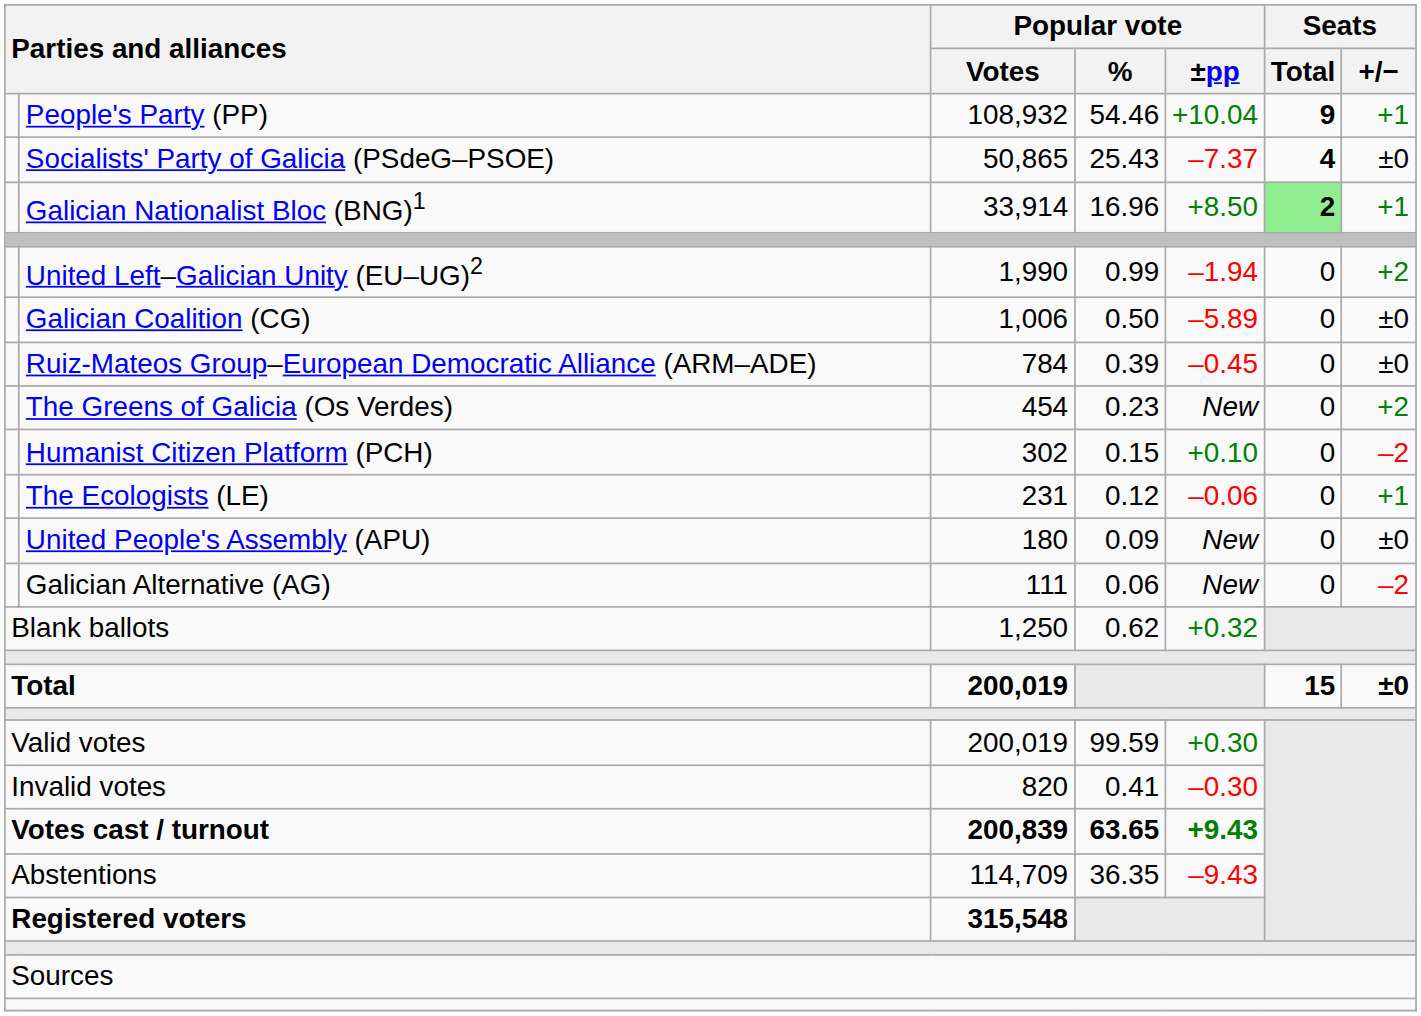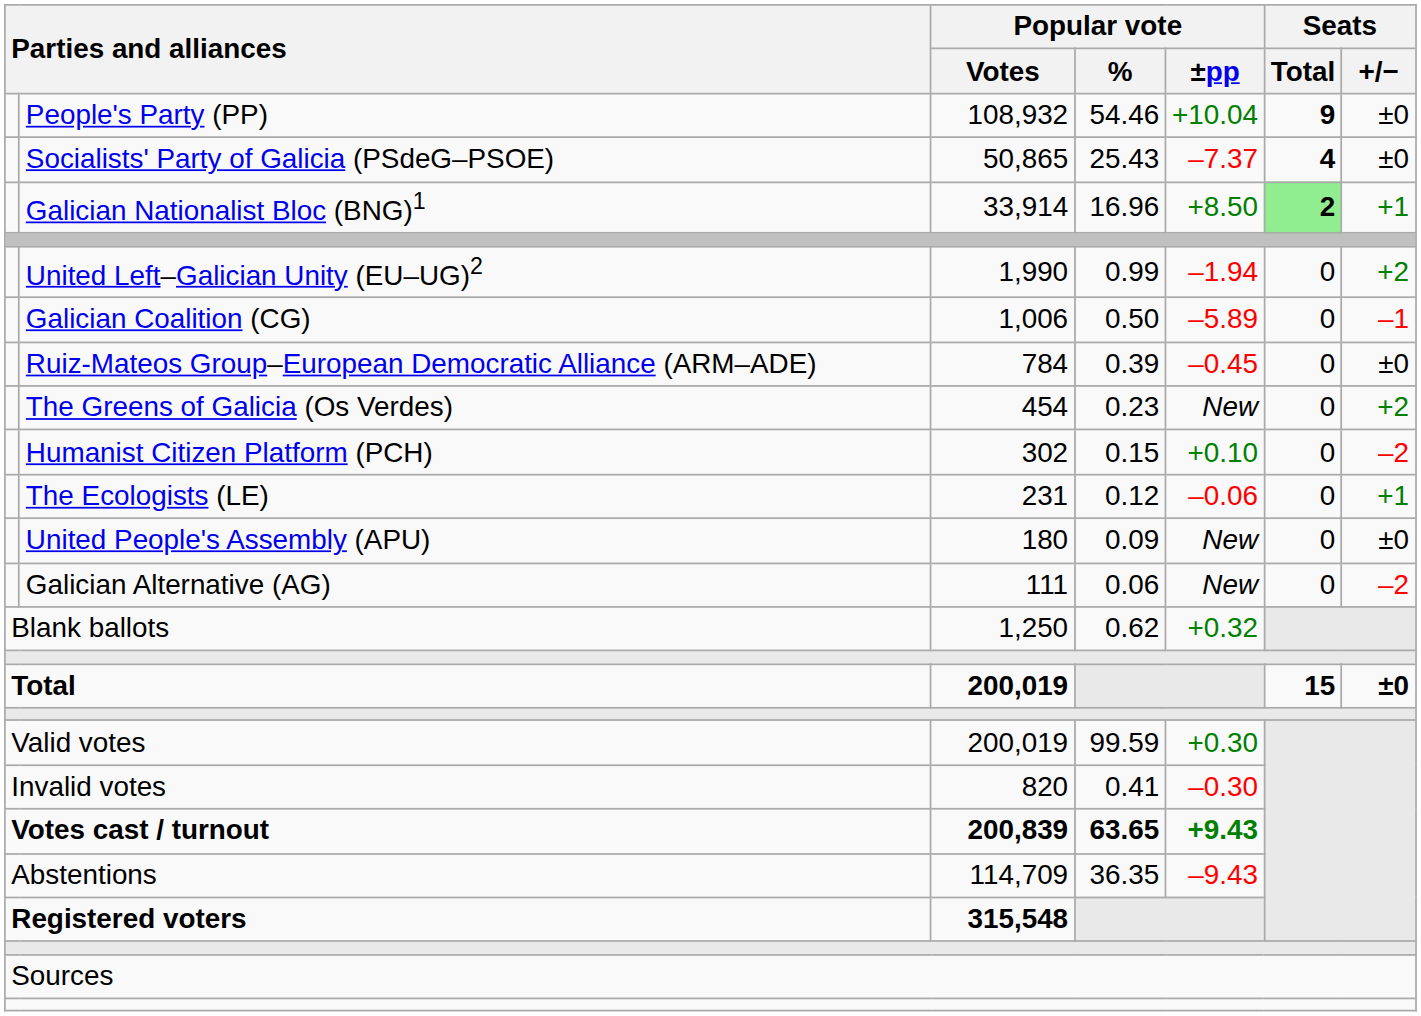 <table class="wikitable" style="text-align:right;">
 <tr>
 <th style="text-align:left;" rowspan="2" colspan="2" width="525">Parties and alliances</th>
 <th colspan="3">Popular vote</th>
 <th colspan="2">Seats</th>
 </tr>
 <tr>
 <th width="75">Votes</th>
 <th width="45">%</th>
 <th width="45">±<a href='#'>pp</a></th>
 <th width="35">Total</th>
 <th width="35">+/−</th>
 </tr>
 <tr>
 <td width="1" style="color:inherit;background:"></td>
 <td align="left"><a href='#'>People's Party</a> (PP)</td>
 <td>108,932</td>
 <td>54.46</td>
 <td style="color:green;">+10.04</td>
 <td><strong>9</strong></td>
-<td style="color:green;">+1</td>
+<td>±0</td>
 </tr>
 <tr>
 <td style="color:inherit;background:"></td>
 <td align="left"><a href='#'>Socialists' Party of Galicia</a> (PSdeG–PSOE)</td>
 <td>50,865</td>
 <td>25.43</td>
 <td style="color:red;">–7.37</td>
 <td><strong>4</strong></td>
 <td>±0</td>
 </tr>
 <tr>
 <td style="color:inherit;background:"></td>
 <td align="left"><a href='#'>Galician Nationalist Bloc</a> (BNG)<sup>1</sup></td>
 <td>33,914</td>
 <td>16.96</td>
 <td style="color:green;">+8.50</td>
 <td style="background: lightgreen;"><strong>2</strong></td>
 <td style="color:green;">+1</td>
 </tr>
 <tr>
 <td colspan="7" bgcolor="#C0C0C0"></td>
 </tr>
 <tr>
 <td style="color:inherit;background:"></td>
 <td align="left"><a href='#'>United Left</a>–<a href='#'>Galician Unity</a> (EU–UG)<sup>2</sup></td>
 <td>1,990</td>
 <td>0.99</td>
 <td style="color:red;">–1.94</td>
 <td>0</td>
 <td style="color:green;">+2</td>
 </tr>
 <tr>
 <td style="color:inherit;background:"></td>
 <td align="left"><a href='#'>Galician Coalition</a> (CG)</td>
 <td>1,006</td>
 <td>0.50</td>
 <td style="color:red;">–5.89</td>
 <td>0</td>
-<td>±0</td>
+<td style="color:red;">–1</td>
 </tr>
 <tr>
 <td style="color:inherit;background:"></td>
 <td align="left"><a href='#'>Ruiz-Mateos Group</a>–<a href='#'>European Democratic Alliance</a> (ARM–ADE)</td>
 <td>784</td>
 <td>0.39</td>
 <td style="color:red;">–0.45</td>
 <td>0</td>
 <td>±0</td>
 </tr>
 <tr>
 <td style="color:inherit;background:"></td>
 <td align="left"><a href='#'>The Greens of Galicia</a> (Os Verdes)</td>
 <td>454</td>
 <td>0.23</td>
 <td><em>New</em></td>
 <td>0</td>
 <td style="color:green;">+2</td>
 </tr>
 <tr>
 <td style="color:inherit;background:"></td>
 <td align="left"><a href='#'>Humanist Citizen Platform</a> (PCH)</td>
 <td>302</td>
 <td>0.15</td>
 <td style="color:green;">+0.10</td>
 <td>0</td>
 <td style="color:red;">–2</td>
 </tr>
 <tr>
 <td style="color:inherit;background:"></td>
 <td align="left"><a href='#'>The Ecologists</a> (LE)</td>
 <td>231</td>
 <td>0.12</td>
 <td style="color:red;">–0.06</td>
 <td>0</td>
 <td style="color:green;">+1</td>
 </tr>
 <tr>
 <td style="color:inherit;background:"></td>
 <td align="left"><a href='#'>United People's Assembly</a> (APU)</td>
 <td>180</td>
 <td>0.09</td>
 <td><em>New</em></td>
 <td>0</td>
 <td>±0</td>
 </tr>
 <tr>
 <td style="color:inherit;background:"></td>
 <td align="left">Galician Alternative (AG)</td>
 <td>111</td>
 <td>0.06</td>
 <td><em>New</em></td>
 <td>0</td>
 <td style="color:red;">–2</td>
 </tr>
 <tr>
 <td align="left" colspan="2">Blank ballots</td>
 <td>1,250</td>
 <td>0.62</td>
 <td style="color:green;">+0.32</td>
 <td bgcolor="#E9E9E9" colspan="2"></td>
 </tr>
 <tr>
 <td colspan="7" bgcolor="#E9E9E9"></td>
 </tr>
 <tr style="font-weight:bold;">
 <td align="left" colspan="2">Total</td>
 <td>200,019</td>
 <td bgcolor="#E9E9E9" colspan="2"></td>
 <td>15</td>
 <td>±0</td>
 </tr>
 <tr>
 <td colspan="7" bgcolor="#E9E9E9"></td>
 </tr>
 <tr>
 <td align="left" colspan="2">Valid votes</td>
 <td>200,019</td>
 <td>99.59</td>
 <td style="color:green;">+0.30</td>
 <td bgcolor="#E9E9E9" colspan="7" rowspan="5"></td>
 </tr>
 <tr>
 <td align="left" colspan="2">Invalid votes</td>
 <td>820</td>
 <td>0.41</td>
 <td style="color:red;">–0.30</td>
 </tr>
 <tr style="font-weight:bold;">
 <td align="left" colspan="2">Votes cast / turnout</td>
 <td>200,839</td>
 <td>63.65</td>
 <td style="color:green;">+9.43</td>
 </tr>
 <tr>
 <td align="left" colspan="2">Abstentions</td>
 <td>114,709</td>
 <td>36.35</td>
 <td style="color:red;">–9.43</td>
 </tr>
 <tr style="font-weight:bold;">
 <td align="left" colspan="2">Registered voters</td>
 <td>315,548</td>
 <td bgcolor="#E9E9E9" colspan="2"></td>
 </tr>
 <tr>
 <td colspan="7" bgcolor="#E9E9E9"></td>
 </tr>
 <tr>
 <td align="left" colspan="7">Sources</td>
 </tr>
 <tr>
 <td colspan="7" style="text-align:left; max-width:790px;"></td>
 </tr>
 </table>
